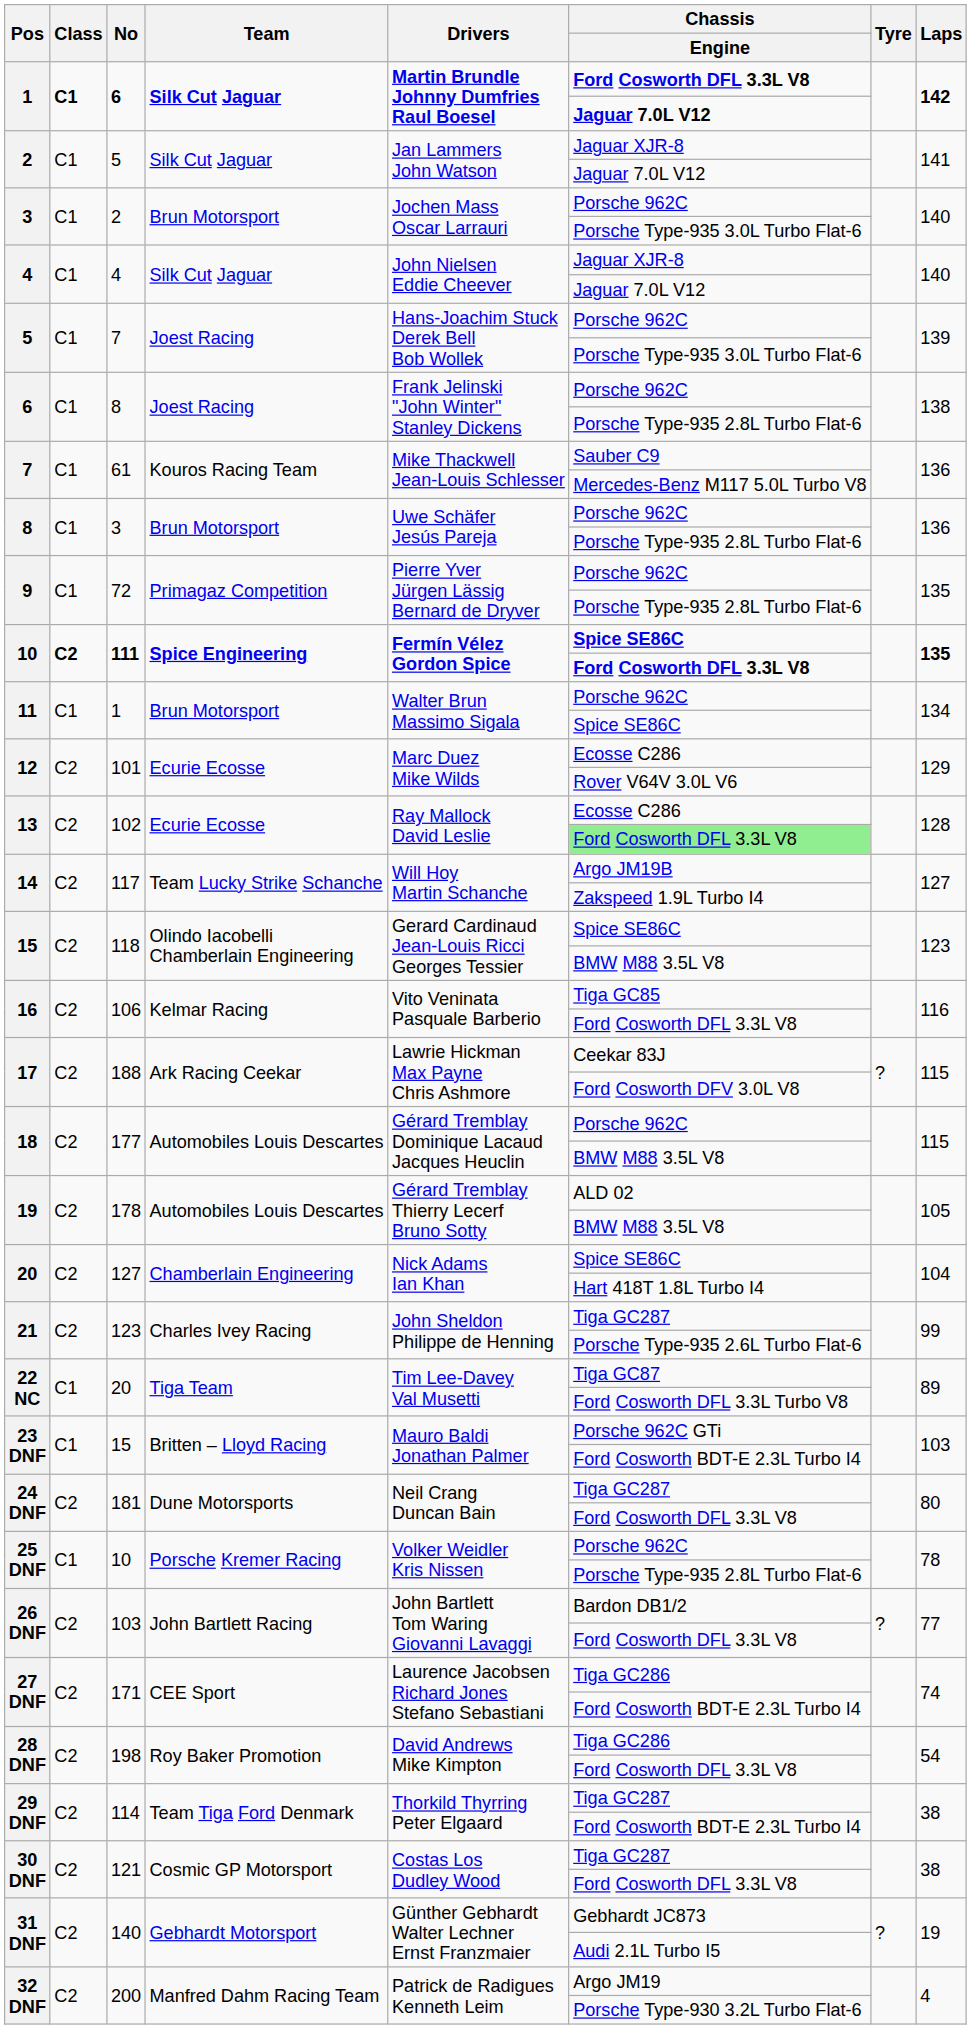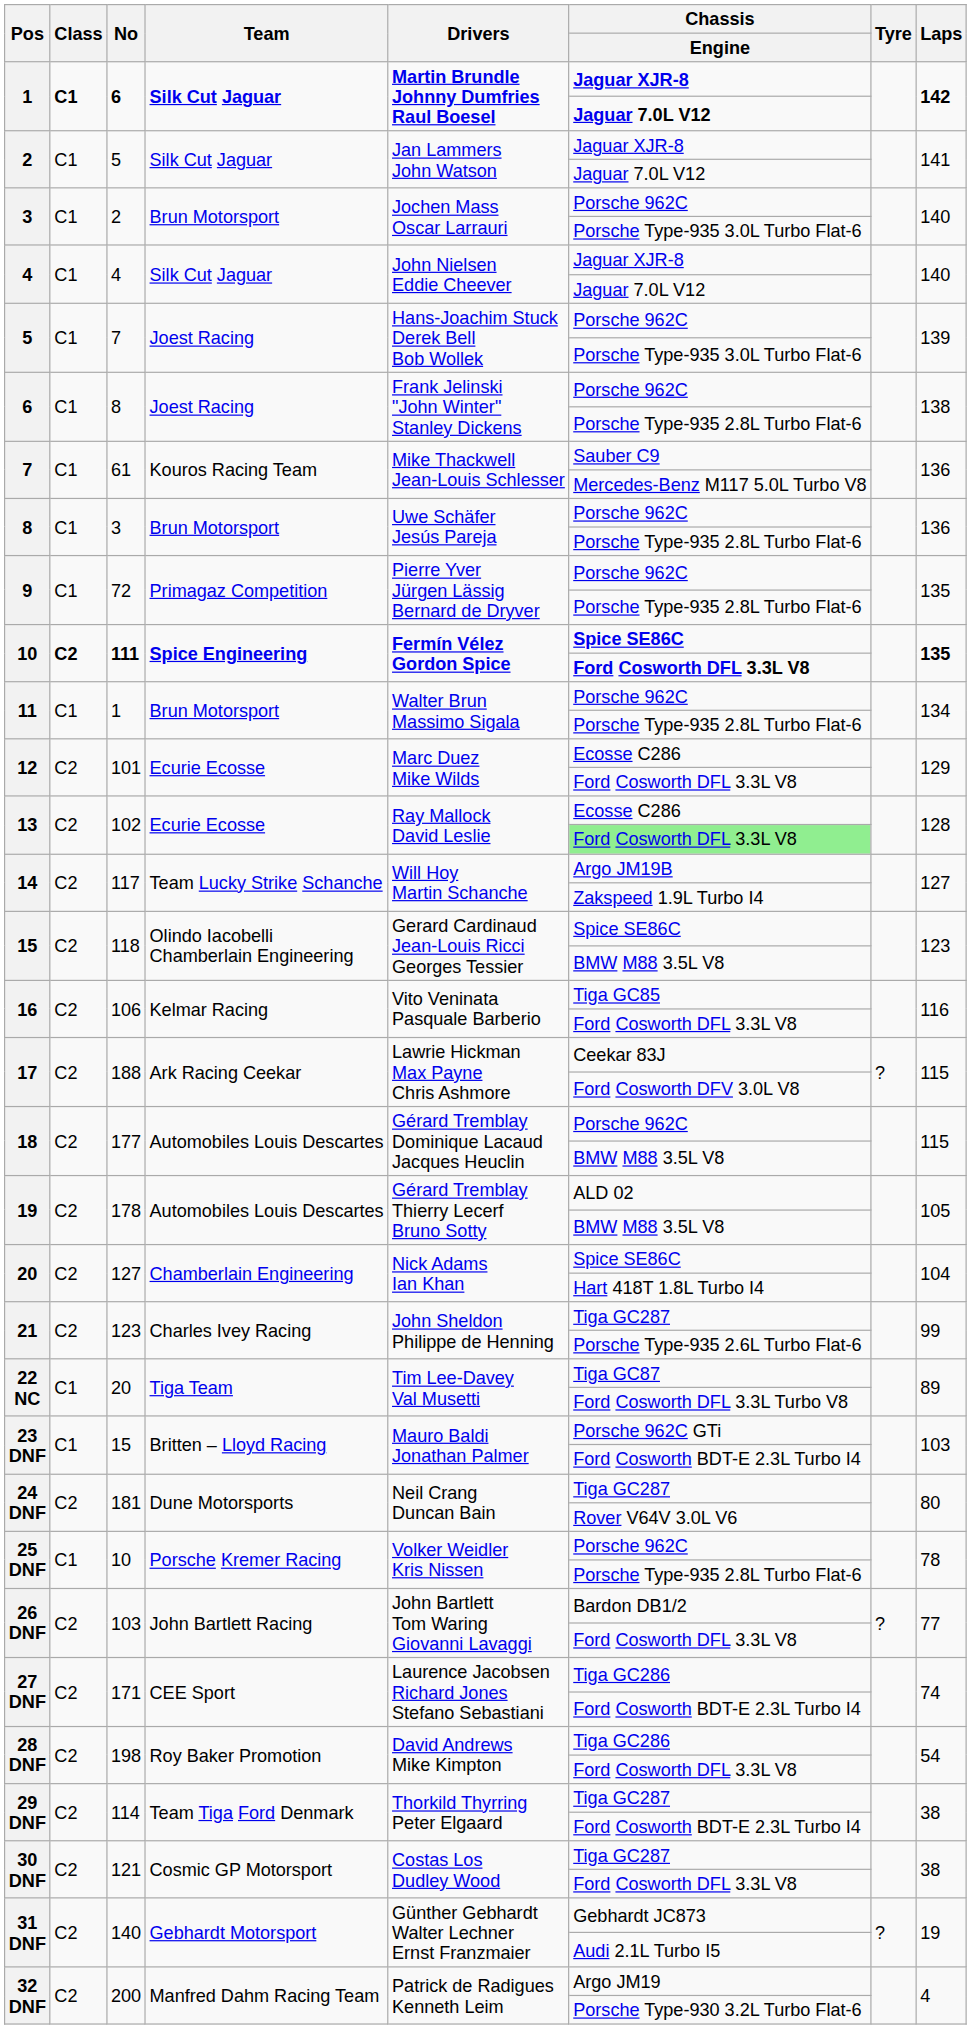 <table class="wikitable" style="font-size: 95%;">
 <tr>
 <th rowspan=2>Pos</th>
 <th rowspan=2>Class</th>
 <th rowspan=2>No</th>
 <th rowspan=2>Team</th>
 <th rowspan=2>Drivers</th>
 <th>Chassis</th>
 <th rowspan=2>Tyre</th>
 <th rowspan=2>Laps</th>
 </tr>
 <tr>
 <th>Engine</th>
 </tr>
 <tr style="font-weight:bold">
 <th rowspan=2>1</th>
 <td rowspan=2>C1</td>
 <td rowspan=2>6</td>
 <td rowspan=2> <a href='#'>Silk Cut</a> <a href='#'>Jaguar</a></td>
 <td rowspan=2> <a href='#'>Martin Brundle</a><br> <a href='#'>Johnny Dumfries</a><br> <a href='#'>Raul Boesel</a></td>
-<td><a href='#'>Ford</a> <a href='#'>Cosworth DFL</a> 3.3L V8</td>
+<td><a href='#'>Jaguar XJR-8</a></td>
 <td rowspan=2></td>
 <td rowspan=2>142</td>
 </tr>
 <tr style="font-weight:bold">
 <td><a href='#'>Jaguar</a> 7.0L V12</td>
 </tr>
 <tr>
 <th rowspan=2>2</th>
 <td rowspan=2>C1</td>
 <td rowspan=2>5</td>
 <td rowspan=2> <a href='#'>Silk Cut</a> <a href='#'>Jaguar</a></td>
 <td rowspan=2> <a href='#'>Jan Lammers</a><br> <a href='#'>John Watson</a></td>
 <td><a href='#'>Jaguar XJR-8</a></td>
 <td rowspan=2></td>
 <td rowspan=2>141</td>
 </tr>
 <tr>
 <td><a href='#'>Jaguar</a> 7.0L V12</td>
 </tr>
 <tr>
 <th rowspan=2>3</th>
 <td rowspan=2>C1</td>
 <td rowspan=2>2</td>
 <td rowspan=2> <a href='#'>Brun Motorsport</a></td>
 <td rowspan=2> <a href='#'>Jochen Mass</a><br> <a href='#'>Oscar Larrauri</a></td>
 <td><a href='#'>Porsche 962C</a></td>
 <td rowspan=2></td>
 <td rowspan=2>140</td>
 </tr>
 <tr>
 <td><a href='#'>Porsche</a> Type-935 3.0L Turbo Flat-6</td>
 </tr>
 <tr>
 <th rowspan=2>4</th>
 <td rowspan=2>C1</td>
 <td rowspan=2>4</td>
 <td rowspan=2> <a href='#'>Silk Cut</a> <a href='#'>Jaguar</a></td>
 <td rowspan=2> <a href='#'>John Nielsen</a><br> <a href='#'>Eddie Cheever</a></td>
 <td><a href='#'>Jaguar XJR-8</a></td>
 <td rowspan=2></td>
 <td rowspan=2>140</td>
 </tr>
 <tr>
 <td><a href='#'>Jaguar</a> 7.0L V12</td>
 </tr>
 <tr>
 <th rowspan=2>5</th>
 <td rowspan=2>C1</td>
 <td rowspan=2>7</td>
 <td rowspan=2> <a href='#'>Joest Racing</a></td>
 <td rowspan=2> <a href='#'>Hans-Joachim Stuck</a><br> <a href='#'>Derek Bell</a><br> <a href='#'>Bob Wollek</a></td>
 <td><a href='#'>Porsche 962C</a></td>
 <td rowspan=2></td>
 <td rowspan=2>139</td>
 </tr>
 <tr>
 <td><a href='#'>Porsche</a> Type-935 3.0L Turbo Flat-6</td>
 </tr>
 <tr>
 <th rowspan=2>6</th>
 <td rowspan=2>C1</td>
 <td rowspan=2>8</td>
 <td rowspan=2> <a href='#'>Joest Racing</a></td>
 <td rowspan=2> <a href='#'>Frank Jelinski</a><br> <a href='#'>"John Winter"</a><br> <a href='#'>Stanley Dickens</a></td>
 <td><a href='#'>Porsche 962C</a></td>
 <td rowspan=2></td>
 <td rowspan=2>138</td>
 </tr>
 <tr>
 <td><a href='#'>Porsche</a> Type-935 2.8L Turbo Flat-6</td>
 </tr>
 <tr>
 <th rowspan=2>7</th>
 <td rowspan=2>C1</td>
 <td rowspan=2>61</td>
 <td rowspan=2> Kouros Racing Team</td>
 <td rowspan=2> <a href='#'>Mike Thackwell</a><br> <a href='#'>Jean-Louis Schlesser</a></td>
 <td><a href='#'>Sauber C9</a></td>
 <td rowspan=2></td>
 <td rowspan=2>136</td>
 </tr>
 <tr>
 <td><a href='#'>Mercedes-Benz</a> M117 5.0L Turbo V8</td>
 </tr>
 <tr>
 <th rowspan=2>8</th>
 <td rowspan=2>C1</td>
 <td rowspan=2>3</td>
 <td rowspan=2> <a href='#'>Brun Motorsport</a></td>
 <td rowspan=2> <a href='#'>Uwe Schäfer</a><br> <a href='#'>Jesús Pareja</a></td>
 <td><a href='#'>Porsche 962C</a></td>
 <td rowspan=2></td>
 <td rowspan=2>136</td>
 </tr>
 <tr>
 <td><a href='#'>Porsche</a> Type-935 2.8L Turbo Flat-6</td>
 </tr>
 <tr>
 <th rowspan=2>9</th>
 <td rowspan=2>C1</td>
 <td rowspan=2>72</td>
 <td rowspan=2> <a href='#'>Primagaz Competition</a></td>
 <td rowspan=2> <a href='#'>Pierre Yver</a><br> <a href='#'>Jürgen Lässig</a><br> <a href='#'>Bernard de Dryver</a></td>
 <td><a href='#'>Porsche 962C</a></td>
 <td rowspan=2></td>
 <td rowspan=2>135</td>
 </tr>
 <tr>
 <td><a href='#'>Porsche</a> Type-935 2.8L Turbo Flat-6</td>
 </tr>
 <tr style="font-weight:bold">
 <th rowspan=2>10</th>
 <td rowspan=2>C2</td>
 <td rowspan=2>111</td>
 <td rowspan=2> <a href='#'>Spice Engineering</a></td>
 <td rowspan=2> <a href='#'>Fermín Vélez</a><br> <a href='#'>Gordon Spice</a></td>
 <td><a href='#'>Spice SE86C</a></td>
 <td rowspan=2></td>
 <td rowspan=2>135</td>
 </tr>
 <tr style="font-weight:bold">
 <td><a href='#'>Ford</a> <a href='#'>Cosworth DFL</a> 3.3L V8</td>
 </tr>
 <tr>
 <th rowspan=2>11</th>
 <td rowspan=2>C1</td>
 <td rowspan=2>1</td>
 <td rowspan=2> <a href='#'>Brun Motorsport</a></td>
 <td rowspan=2> <a href='#'>Walter Brun</a><br> <a href='#'>Massimo Sigala</a></td>
 <td><a href='#'>Porsche 962C</a></td>
 <td rowspan=2></td>
 <td rowspan=2>134</td>
 </tr>
 <tr>
-<td><a href='#'>Spice SE86C</a></td>
+<td><a href='#'>Porsche</a> Type-935 2.8L Turbo Flat-6</td>
 </tr>
 <tr>
 <th rowspan=2>12</th>
 <td rowspan=2>C2</td>
 <td rowspan=2>101</td>
 <td rowspan=2> <a href='#'>Ecurie Ecosse</a></td>
 <td rowspan=2> <a href='#'>Marc Duez</a><br> <a href='#'>Mike Wilds</a></td>
 <td><a href='#'>Ecosse</a> C286</td>
 <td rowspan=2></td>
 <td rowspan=2>129</td>
 </tr>
 <tr>
-<td><a href='#'>Rover</a> V64V 3.0L V6</td>
+<td><a href='#'>Ford</a> <a href='#'>Cosworth DFL</a> 3.3L V8</td>
 </tr>
 <tr>
 <th rowspan=2>13</th>
 <td rowspan=2>C2</td>
 <td rowspan=2>102</td>
 <td rowspan=2> <a href='#'>Ecurie Ecosse</a></td>
 <td rowspan=2> <a href='#'>Ray Mallock</a><br> <a href='#'>David Leslie</a></td>
 <td><a href='#'>Ecosse</a> C286</td>
 <td rowspan=2></td>
 <td rowspan=2>128</td>
 </tr>
 <tr>
 <td style="background: lightgreen;"><a href='#'>Ford</a> <a href='#'>Cosworth DFL</a> 3.3L V8</td>
 </tr>
 <tr>
 <th rowspan=2>14</th>
 <td rowspan=2>C2</td>
 <td rowspan=2>117</td>
 <td rowspan=2> Team <a href='#'>Lucky Strike</a> <a href='#'>Schanche</a></td>
 <td rowspan=2> <a href='#'>Will Hoy</a><br> <a href='#'>Martin Schanche</a></td>
 <td><a href='#'>Argo JM19B</a></td>
 <td rowspan=2></td>
 <td rowspan=2>127</td>
 </tr>
 <tr>
 <td><a href='#'>Zakspeed</a> 1.9L Turbo I4</td>
 </tr>
 <tr>
 <th rowspan=2>15</th>
 <td rowspan=2>C2</td>
 <td rowspan=2>118</td>
 <td rowspan=2> Olindo Iacobelli<br> Chamberlain Engineering</td>
 <td rowspan=2> Gerard Cardinaud<br> <a href='#'>Jean-Louis Ricci</a><br> Georges Tessier</td>
 <td><a href='#'>Spice SE86C</a></td>
 <td rowspan=2></td>
 <td rowspan=2>123</td>
 </tr>
 <tr>
 <td><a href='#'>BMW</a> <a href='#'>M88</a> 3.5L V8</td>
 </tr>
 <tr>
 <th rowspan=2>16</th>
 <td rowspan=2>C2</td>
 <td rowspan=2>106</td>
 <td rowspan=2> Kelmar Racing</td>
 <td rowspan=2> Vito Veninata<br> Pasquale Barberio</td>
 <td><a href='#'>Tiga GC85</a></td>
 <td rowspan=2></td>
 <td rowspan=2>116</td>
 </tr>
 <tr>
 <td><a href='#'>Ford</a> <a href='#'>Cosworth DFL</a> 3.3L V8</td>
 </tr>
 <tr>
 <th rowspan=2>17</th>
 <td rowspan=2>C2</td>
 <td rowspan=2>188</td>
 <td rowspan=2> Ark Racing Ceekar</td>
 <td rowspan=2> Lawrie Hickman<br> <a href='#'>Max Payne</a><br> Chris Ashmore</td>
 <td>Ceekar 83J</td>
 <td rowspan=2>?</td>
 <td rowspan=2>115</td>
 </tr>
 <tr>
 <td><a href='#'>Ford</a> <a href='#'>Cosworth DFV</a> 3.0L V8</td>
 </tr>
 <tr>
 <th rowspan=2>18</th>
 <td rowspan=2>C2</td>
 <td rowspan=2>177</td>
 <td rowspan=2> Automobiles Louis Descartes</td>
 <td rowspan=2> <a href='#'>Gérard Tremblay</a><br> Dominique Lacaud<br> Jacques Heuclin</td>
 <td><a href='#'>Porsche 962C</a></td>
 <td rowspan=2></td>
 <td rowspan=2>115</td>
 </tr>
 <tr>
 <td><a href='#'>BMW</a> <a href='#'>M88</a> 3.5L V8</td>
 </tr>
 <tr>
 <th rowspan=2>19</th>
 <td rowspan=2>C2</td>
 <td rowspan=2>178</td>
 <td rowspan=2> Automobiles Louis Descartes</td>
 <td rowspan=2> <a href='#'>Gérard Tremblay</a><br> Thierry Lecerf<br> <a href='#'>Bruno Sotty</a></td>
 <td>ALD 02</td>
 <td rowspan=2></td>
 <td rowspan=2>105</td>
 </tr>
 <tr>
 <td><a href='#'>BMW</a> <a href='#'>M88</a> 3.5L V8</td>
 </tr>
 <tr>
 <th rowspan=2>20</th>
 <td rowspan=2>C2</td>
 <td rowspan=2>127</td>
 <td rowspan=2> <a href='#'>Chamberlain Engineering</a></td>
 <td rowspan=2> <a href='#'>Nick Adams</a><br> <a href='#'>Ian Khan</a></td>
 <td><a href='#'>Spice SE86C</a></td>
 <td rowspan=2></td>
 <td rowspan=2>104</td>
 </tr>
 <tr>
 <td><a href='#'>Hart</a> 418T 1.8L Turbo I4</td>
 </tr>
 <tr>
 <th rowspan=2>21</th>
 <td rowspan=2>C2</td>
 <td rowspan=2>123</td>
 <td rowspan=2> Charles Ivey Racing</td>
 <td rowspan=2> <a href='#'>John Sheldon</a><br> Philippe de Henning</td>
 <td><a href='#'>Tiga GC287</a></td>
 <td rowspan=2></td>
 <td rowspan=2>99</td>
 </tr>
 <tr>
 <td><a href='#'>Porsche</a> Type-935 2.6L Turbo Flat-6</td>
 </tr>
 <tr>
 <th rowspan=2>22<br>NC</th>
 <td rowspan=2>C1</td>
 <td rowspan=2>20</td>
 <td rowspan=2> <a href='#'>Tiga Team</a></td>
 <td rowspan=2> <a href='#'>Tim Lee-Davey</a><br> <a href='#'>Val Musetti</a></td>
 <td><a href='#'>Tiga GC87</a></td>
 <td rowspan=2></td>
 <td rowspan=2>89</td>
 </tr>
 <tr>
 <td><a href='#'>Ford</a> <a href='#'>Cosworth DFL</a> 3.3L Turbo V8</td>
 </tr>
 <tr>
 <th rowspan=2>23<br>DNF</th>
 <td rowspan=2>C1</td>
 <td rowspan=2>15</td>
 <td rowspan=2> Britten – <a href='#'>Lloyd Racing</a></td>
 <td rowspan=2> <a href='#'>Mauro Baldi</a><br> <a href='#'>Jonathan Palmer</a></td>
 <td><a href='#'>Porsche 962C</a> GTi</td>
 <td rowspan=2></td>
 <td rowspan=2>103</td>
 </tr>
 <tr>
 <td><a href='#'>Ford</a> <a href='#'>Cosworth</a> BDT-E 2.3L Turbo I4</td>
 </tr>
 <tr>
 <th rowspan=2>24<br>DNF</th>
 <td rowspan=2>C2</td>
 <td rowspan=2>181</td>
 <td rowspan=2> Dune Motorsports</td>
 <td rowspan=2> Neil Crang<br> Duncan Bain</td>
 <td><a href='#'>Tiga GC287</a></td>
 <td rowspan=2></td>
 <td rowspan=2>80</td>
 </tr>
 <tr>
-<td><a href='#'>Ford</a> <a href='#'>Cosworth DFL</a> 3.3L V8</td>
+<td><a href='#'>Rover</a> V64V 3.0L V6</td>
 </tr>
 <tr>
 <th rowspan=2>25<br>DNF</th>
 <td rowspan=2>C1</td>
 <td rowspan=2>10</td>
 <td rowspan=2> <a href='#'>Porsche</a> <a href='#'>Kremer Racing</a></td>
 <td rowspan=2> <a href='#'>Volker Weidler</a><br> <a href='#'>Kris Nissen</a></td>
 <td><a href='#'>Porsche 962C</a></td>
 <td rowspan=2></td>
 <td rowspan=2>78</td>
 </tr>
 <tr>
 <td><a href='#'>Porsche</a> Type-935 2.8L Turbo Flat-6</td>
 </tr>
 <tr>
 <th rowspan=2>26<br>DNF</th>
 <td rowspan=2>C2</td>
 <td rowspan=2>103</td>
 <td rowspan=2> John Bartlett Racing</td>
 <td rowspan=2> John Bartlett<br> Tom Waring<br> <a href='#'>Giovanni Lavaggi</a></td>
 <td>Bardon DB1/2</td>
 <td rowspan=2>?</td>
 <td rowspan=2>77</td>
 </tr>
 <tr>
 <td><a href='#'>Ford</a> <a href='#'>Cosworth DFL</a> 3.3L V8</td>
 </tr>
 <tr>
 <th rowspan=2>27<br>DNF</th>
 <td rowspan=2>C2</td>
 <td rowspan=2>171</td>
 <td rowspan=2> CEE Sport</td>
 <td rowspan=2> Laurence Jacobsen<br> <a href='#'>Richard Jones</a><br> Stefano Sebastiani</td>
 <td><a href='#'>Tiga GC286</a></td>
 <td rowspan=2></td>
 <td rowspan=2>74</td>
 </tr>
 <tr>
 <td><a href='#'>Ford</a> <a href='#'>Cosworth</a> BDT-E 2.3L Turbo I4</td>
 </tr>
 <tr>
 <th rowspan=2>28<br>DNF</th>
 <td rowspan=2>C2</td>
 <td rowspan=2>198</td>
 <td rowspan=2> Roy Baker Promotion</td>
 <td rowspan=2> <a href='#'>David Andrews</a><br> Mike Kimpton</td>
 <td><a href='#'>Tiga GC286</a></td>
 <td rowspan=2></td>
 <td rowspan=2>54</td>
 </tr>
 <tr>
 <td><a href='#'>Ford</a> <a href='#'>Cosworth DFL</a> 3.3L V8</td>
 </tr>
 <tr>
 <th rowspan=2>29<br>DNF</th>
 <td rowspan=2>C2</td>
 <td rowspan=2>114</td>
 <td rowspan=2> Team <a href='#'>Tiga</a> <a href='#'>Ford</a> Denmark</td>
 <td rowspan=2> <a href='#'>Thorkild Thyrring</a><br> Peter Elgaard</td>
 <td><a href='#'>Tiga GC287</a></td>
 <td rowspan=2></td>
 <td rowspan=2>38</td>
 </tr>
 <tr>
 <td><a href='#'>Ford</a> <a href='#'>Cosworth</a> BDT-E 2.3L Turbo I4</td>
 </tr>
 <tr>
 <th rowspan=2>30<br>DNF</th>
 <td rowspan=2>C2</td>
 <td rowspan=2>121</td>
 <td rowspan=2> Cosmic GP Motorsport</td>
 <td rowspan=2> <a href='#'>Costas Los</a><br> <a href='#'>Dudley Wood</a></td>
 <td><a href='#'>Tiga GC287</a></td>
 <td rowspan=2></td>
 <td rowspan=2>38</td>
 </tr>
 <tr>
 <td><a href='#'>Ford</a> <a href='#'>Cosworth DFL</a> 3.3L V8</td>
 </tr>
 <tr>
 <th rowspan=2>31<br>DNF</th>
 <td rowspan=2>C2</td>
 <td rowspan=2>140</td>
 <td rowspan=2> <a href='#'>Gebhardt Motorsport</a></td>
 <td rowspan=2> Günther Gebhardt<br> Walter Lechner<br> Ernst Franzmaier</td>
 <td>Gebhardt JC873</td>
 <td rowspan=2>?</td>
 <td rowspan=2>19</td>
 </tr>
 <tr>
 <td><a href='#'>Audi</a> 2.1L Turbo I5</td>
 </tr>
 <tr>
 <th rowspan=2>32<br>DNF</th>
 <td rowspan=2>C2</td>
 <td rowspan=2>200</td>
 <td rowspan=2> Manfred Dahm Racing Team</td>
 <td rowspan=2> Patrick de Radigues<br> Kenneth Leim</td>
 <td>Argo JM19</td>
 <td rowspan=2></td>
 <td rowspan=2>4</td>
 </tr>
 <tr>
 <td><a href='#'>Porsche</a> Type-930 3.2L Turbo Flat-6</td>
 </tr>
 </table>
